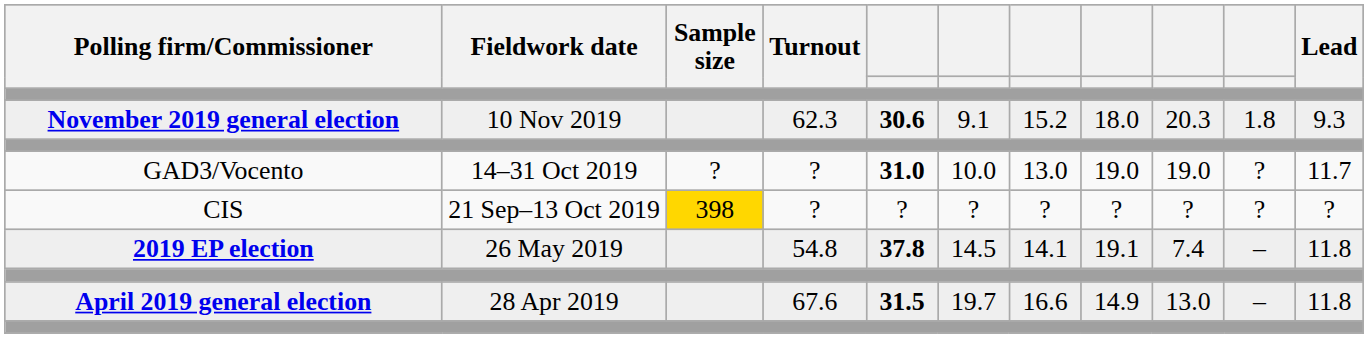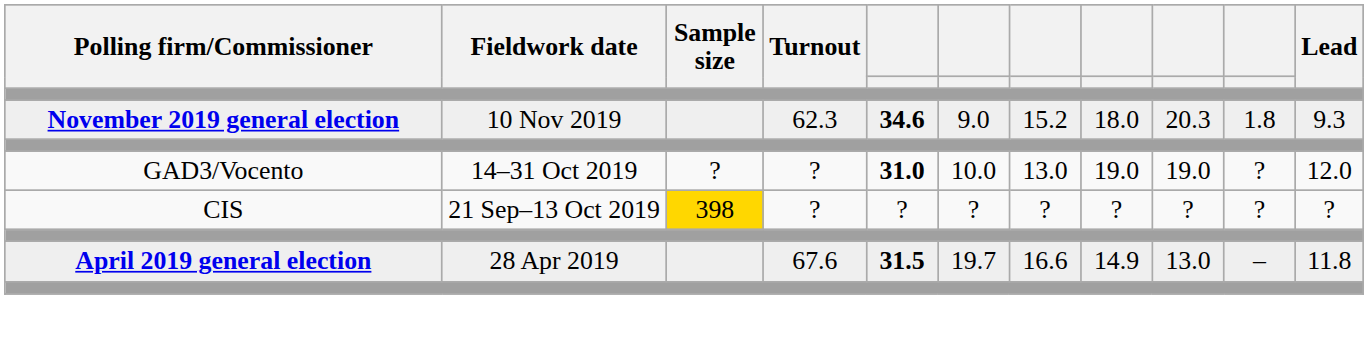 <table class="wikitable collapsible collapsed" style="text-align:center; font-size:95%; line-height:16px;">
 <tr style="height:42px;">
 <th style="width:250px;" rowspan="2">Polling firm/Commissioner</th>
 <th style="width:125px;" rowspan="2">Fieldwork date</th>
 <th style="width:50px;" rowspan="2">Sample size</th>
 <th style="width:45px;" rowspan="2">Turnout</th>
 <th style="width:35px;"></th>
 <th style="width:35px;"></th>
 <th style="width:35px;"></th>
 <th style="width:35px;"></th>
 <th style="width:35px;"></th>
 <th style="width:35px;"></th>
 <th style="width:30px;" rowspan="2">Lead</th>
 </tr>
 <tr>
 <th style="color:inherit;background:"></th>
 <th style="color:inherit;background:"></th>
 <th style="color:inherit;background:"></th>
 <th style="color:inherit;background:"></th>
 <th style="color:inherit;background:"></th>
 <th style="color:inherit;background:"></th>
 </tr>
 <tr>
 <td colspan="11" style="background:#A0A0A0"></td>
 </tr>
 <tr style="background:#EFEFEF;">
 <td><strong><a href='#'>November 2019 general election</a></strong></td>
 <td>10 Nov 2019</td>
 <td></td>
 <td>62.3</td>
-<td><strong>30.6</strong><br></td>
-<td>9.1<br></td>
+<td><strong>34.6</strong><br></td>
+<td>9.0<br></td>
 <td>15.2<br></td>
 <td>18.0<br></td>
 <td>20.3<br></td>
 <td>1.8<br></td>
 <td style="background:">9.3</td>
 </tr>
 <tr>
 <td colspan="11" style="background:#A0A0A0"></td>
 </tr>
 <tr>
 <td>GAD3/Vocento</td>
 <td>14–31 Oct 2019</td>
 <td>?</td>
 <td>?</td>
 <td><strong>31.0</strong><br></td>
 <td>10.0<br></td>
 <td>13.0<br></td>
 <td>19.0<br></td>
 <td>19.0<br></td>
 <td>?<br></td>
-<td style="background:">11.7</td>
+<td style="background:">12.0</td>
 </tr>
 <tr>
 <td>CIS</td>
 <td>21 Sep–13 Oct 2019</td>
 <td style="background: gold;">398</td>
 <td>?</td>
 <td>?<br></td>
 <td>?<br></td>
 <td>?<br></td>
 <td>?<br></td>
 <td>?<br></td>
 <td>?<br></td>
 <td style="background:">?</td>
-</tr>
-<tr style="background:#EFEFEF;">
-<td><strong><a href='#'>2019 EP election</a></strong></td>
-<td>26 May 2019</td>
-<td></td>
-<td>54.8</td>
-<td><strong>37.8</strong><br></td>
-<td>14.5<br></td>
-<td>14.1<br></td>
-<td>19.1<br></td>
-<td>7.4<br></td>
-<td>–</td>
-<td style="background:">11.8</td>
 </tr>
 <tr>
 <td colspan="11" style="background:#A0A0A0"></td>
 </tr>
 <tr style="background:#EFEFEF;">
 <td><strong><a href='#'>April 2019 general election</a></strong></td>
 <td>28 Apr 2019</td>
 <td></td>
 <td>67.6</td>
 <td><strong>31.5</strong><br></td>
 <td>19.7<br></td>
 <td>16.6<br></td>
 <td>14.9<br></td>
 <td>13.0<br></td>
 <td>–</td>
 <td style="background:">11.8</td>
 </tr>
 <tr>
 <td colspan="11" style="background:#A0A0A0"></td>
 </tr>
 <tr>
 </tr>
 </table>
